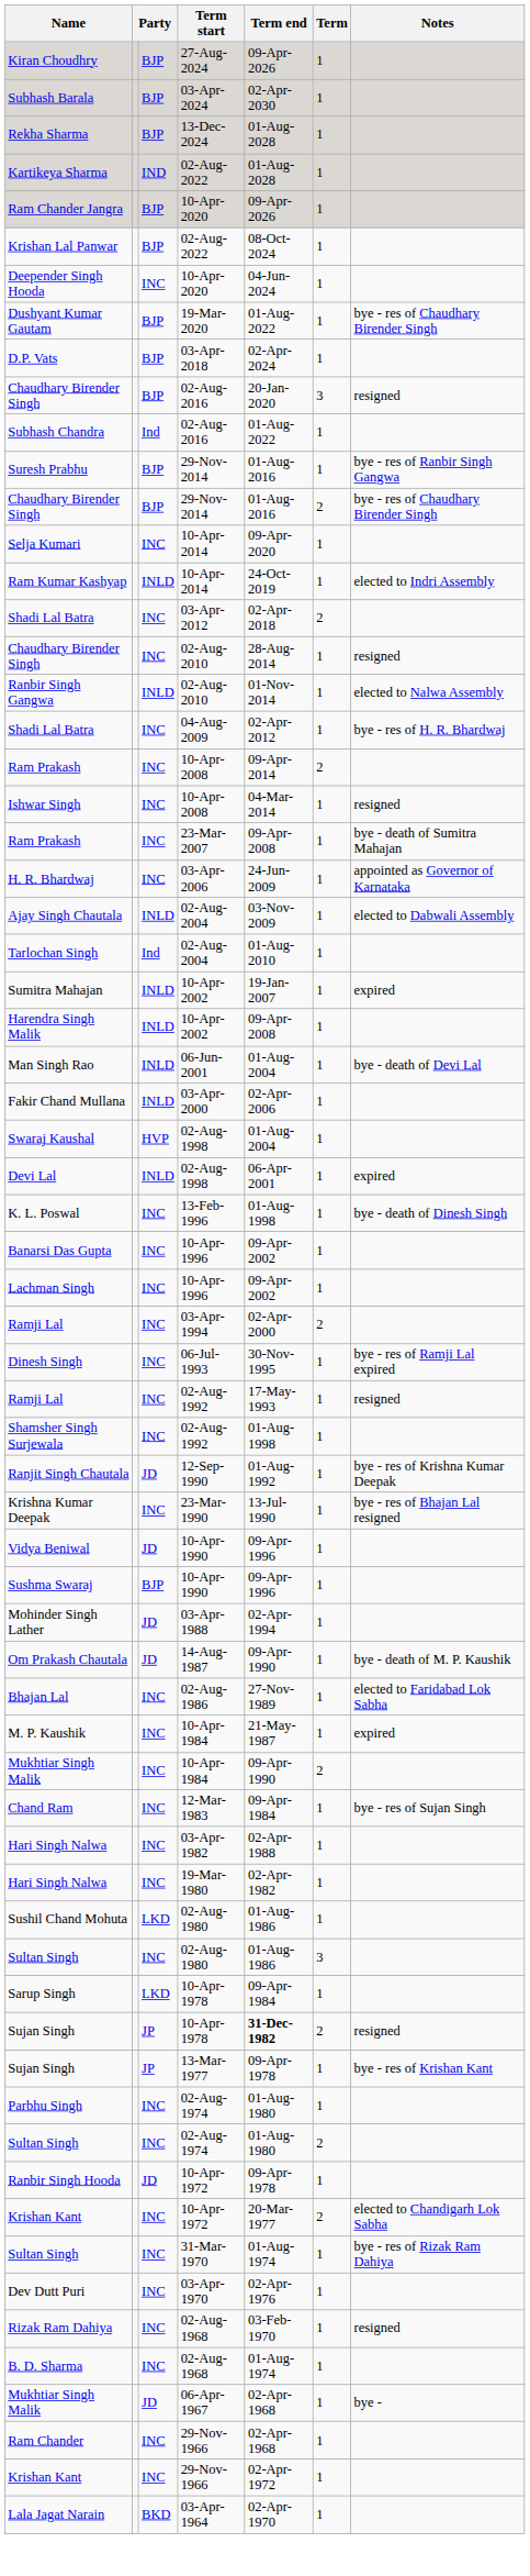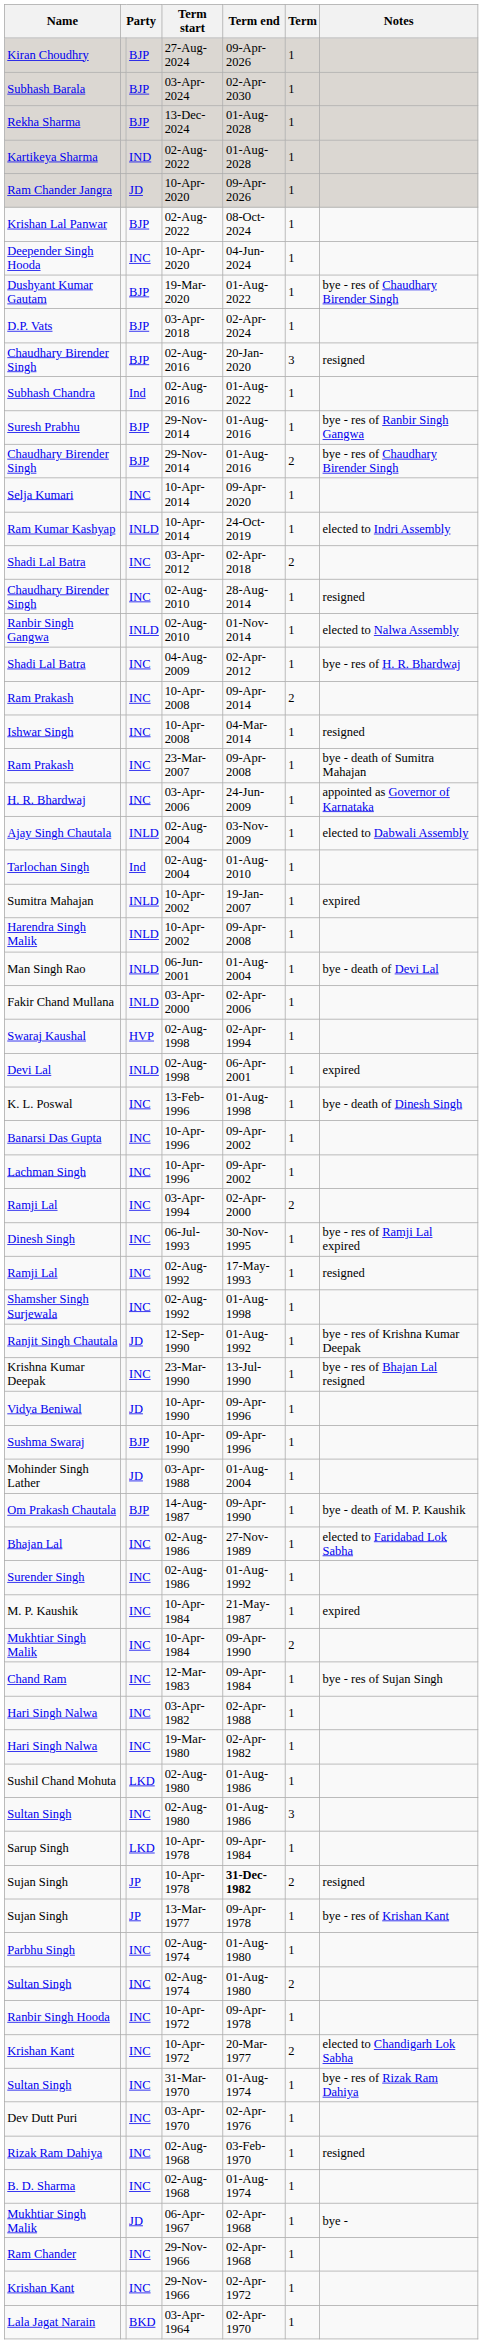 <table class="wikitable sortable">
 <tr>
 <th>Name</th>
 <th colspan="2">Party</th>
 <th>Term start</th>
 <th>Term end</th>
 <th>Term</th>
 <th>Notes</th>
 </tr>
 <tr style="background:#DBD7D2;">
 <td><a href='#'>Kiran Choudhry</a></td>
 <td style="background-color: "></td>
 <td><a href='#'>BJP</a></td>
 <td>27-Aug-2024</td>
 <td>09-Apr-2026</td>
 <td>1</td>
 <td></td>
 </tr>
 <tr style="background:#DBD7D2;">
 <td><a href='#'>Subhash Barala</a></td>
 <td style="background-color: "></td>
 <td><a href='#'>BJP</a></td>
 <td>03-Apr-2024</td>
 <td>02-Apr-2030</td>
 <td>1</td>
 <td></td>
 </tr>
 <tr style="background:#DBD7D2;">
 <td><a href='#'>Rekha Sharma</a></td>
 <td style="background-color: "></td>
 <td><a href='#'>BJP</a></td>
 <td>13-Dec-2024</td>
 <td>01-Aug-2028</td>
 <td>1</td>
 <td></td>
 </tr>
 <tr style="background:#DBD7D2;">
 <td><a href='#'>Kartikeya Sharma</a></td>
 <td style="background-color: "></td>
 <td><a href='#'>IND</a></td>
 <td>02-Aug-2022</td>
 <td>01-Aug-2028</td>
 <td>1</td>
 <td></td>
 </tr>
 <tr style="background:#DBD7D2;">
 <td><a href='#'>Ram Chander Jangra</a></td>
 <td style="background-color: "></td>
-<td><a href='#'>BJP</a></td>
+<td><a href='#'>JD</a></td>
 <td>10-Apr-2020</td>
 <td>09-Apr-2026</td>
 <td>1</td>
 <td></td>
 </tr>
 <tr>
 <td><a href='#'>Krishan Lal Panwar</a></td>
 <td style="background-color: "></td>
 <td><a href='#'>BJP</a></td>
 <td>02-Aug-2022</td>
 <td>08-Oct-2024</td>
 <td>1</td>
 <td></td>
 </tr>
 <tr>
 <td><a href='#'>Deepender Singh Hooda</a></td>
 <td style="background-color: "></td>
 <td><a href='#'>INC</a></td>
 <td>10-Apr-2020</td>
 <td>04-Jun-2024</td>
 <td>1</td>
 <td></td>
 </tr>
 <tr>
 <td><a href='#'>Dushyant Kumar Gautam</a></td>
 <td style="background-color: "></td>
 <td><a href='#'>BJP</a></td>
 <td>19-Mar-2020</td>
 <td>01-Aug-2022</td>
 <td>1</td>
 <td>bye - res of <a href='#'>Chaudhary Birender Singh</a></td>
 </tr>
 <tr>
 <td><a href='#'>D.P. Vats</a></td>
 <td style="background-color: "></td>
 <td><a href='#'>BJP</a></td>
 <td>03-Apr-2018</td>
 <td>02-Apr-2024</td>
 <td>1</td>
 <td></td>
 </tr>
 <tr>
 <td><a href='#'>Chaudhary Birender Singh</a></td>
 <td style="background-color: "></td>
 <td><a href='#'>BJP</a></td>
 <td>02-Aug-2016</td>
 <td>20-Jan-2020</td>
 <td>3</td>
 <td>resigned</td>
 </tr>
 <tr>
 <td><a href='#'>Subhash Chandra</a></td>
 <td style="background-color: "></td>
 <td><a href='#'>Ind</a></td>
 <td>02-Aug-2016</td>
 <td>01-Aug-2022</td>
 <td>1</td>
 <td></td>
 </tr>
 <tr>
 <td><a href='#'>Suresh Prabhu</a></td>
 <td style="background-color: "></td>
 <td><a href='#'>BJP</a></td>
 <td>29-Nov-2014</td>
 <td>01-Aug-2016</td>
 <td>1</td>
 <td>bye - res of <a href='#'>Ranbir Singh Gangwa</a></td>
 </tr>
 <tr>
 <td><a href='#'>Chaudhary Birender Singh</a></td>
 <td style="background-color: "></td>
 <td><a href='#'>BJP</a></td>
 <td>29-Nov-2014</td>
 <td>01-Aug-2016</td>
 <td>2</td>
 <td>bye - res of <a href='#'>Chaudhary Birender Singh</a></td>
 </tr>
 <tr>
 <td><a href='#'>Selja Kumari</a></td>
 <td style="background-color: "></td>
 <td><a href='#'>INC</a></td>
 <td>10-Apr-2014</td>
 <td>09-Apr-2020</td>
 <td>1</td>
 <td></td>
 </tr>
 <tr>
 <td><a href='#'>Ram Kumar Kashyap</a></td>
 <td style="background-color: "></td>
 <td><a href='#'>INLD</a></td>
 <td>10-Apr-2014</td>
 <td>24-Oct-2019</td>
 <td>1</td>
 <td>elected to <a href='#'>Indri Assembly</a></td>
 </tr>
 <tr>
 <td><a href='#'>Shadi Lal Batra</a></td>
 <td style="background-color: "></td>
 <td><a href='#'>INC</a></td>
 <td>03-Apr-2012</td>
 <td>02-Apr-2018</td>
 <td>2</td>
 <td></td>
 </tr>
 <tr>
 <td><a href='#'>Chaudhary Birender Singh</a></td>
 <td style="background-color: "></td>
 <td><a href='#'>INC</a></td>
 <td>02-Aug-2010</td>
 <td>28-Aug-2014</td>
 <td>1</td>
 <td>resigned</td>
 </tr>
 <tr>
 <td><a href='#'>Ranbir Singh Gangwa</a></td>
 <td style="background-color: "></td>
 <td><a href='#'>INLD</a></td>
 <td>02-Aug-2010</td>
 <td>01-Nov-2014</td>
 <td>1</td>
 <td>elected to <a href='#'>Nalwa Assembly</a></td>
 </tr>
 <tr>
 <td><a href='#'>Shadi Lal Batra</a></td>
 <td style="background-color: "></td>
 <td><a href='#'>INC</a></td>
 <td>04-Aug-2009</td>
 <td>02-Apr-2012</td>
 <td>1</td>
 <td>bye - res of <a href='#'>H. R. Bhardwaj</a></td>
 </tr>
 <tr>
 <td><a href='#'>Ram Prakash</a></td>
 <td style="background-color: "></td>
 <td><a href='#'>INC</a></td>
 <td>10-Apr-2008</td>
 <td>09-Apr-2014</td>
 <td>2</td>
 <td></td>
 </tr>
 <tr>
 <td><a href='#'>Ishwar Singh</a></td>
 <td style="background-color: "></td>
 <td><a href='#'>INC</a></td>
 <td>10-Apr-2008</td>
 <td>04-Mar-2014</td>
 <td>1</td>
 <td>resigned</td>
 </tr>
 <tr>
 <td><a href='#'>Ram Prakash</a></td>
 <td style="background-color: "></td>
 <td><a href='#'>INC</a></td>
 <td>23-Mar-2007</td>
 <td>09-Apr-2008</td>
 <td>1</td>
 <td>bye - death of Sumitra Mahajan</td>
 </tr>
 <tr>
 <td><a href='#'>H. R. Bhardwaj</a></td>
 <td style="background-color: "></td>
 <td><a href='#'>INC</a></td>
 <td>03-Apr-2006</td>
 <td>24-Jun-2009</td>
 <td>1</td>
 <td>appointed as <a href='#'>Governor of Karnataka</a></td>
 </tr>
 <tr>
 <td><a href='#'>Ajay Singh Chautala</a></td>
 <td style="background-color: "></td>
 <td><a href='#'>INLD</a></td>
 <td>02-Aug-2004</td>
 <td>03-Nov-2009</td>
 <td>1</td>
 <td>elected to <a href='#'>Dabwali Assembly</a></td>
 </tr>
 <tr>
 <td><a href='#'>Tarlochan Singh</a></td>
 <td style="background-color: "></td>
 <td><a href='#'>Ind</a></td>
 <td>02-Aug-2004</td>
 <td>01-Aug-2010</td>
 <td>1</td>
 <td></td>
 </tr>
 <tr>
 <td>Sumitra Mahajan</td>
 <td style="background-color: "></td>
 <td><a href='#'>INLD</a></td>
 <td>10-Apr-2002</td>
 <td>19-Jan-2007</td>
 <td>1</td>
 <td>expired</td>
 </tr>
 <tr>
 <td><a href='#'>Harendra Singh Malik</a></td>
 <td style="background-color: "></td>
 <td><a href='#'>INLD</a></td>
 <td>10-Apr-2002</td>
 <td>09-Apr-2008</td>
 <td>1</td>
 <td></td>
 </tr>
 <tr>
 <td>Man Singh Rao</td>
 <td style="background-color: "></td>
 <td><a href='#'>INLD</a></td>
 <td>06-Jun-2001</td>
 <td>01-Aug-2004</td>
 <td>1</td>
 <td>bye - death of <a href='#'>Devi Lal</a></td>
 </tr>
 <tr>
 <td>Fakir Chand Mullana</td>
 <td style="background-color: "></td>
 <td><a href='#'>INLD</a></td>
 <td>03-Apr-2000</td>
 <td>02-Apr-2006</td>
 <td>1</td>
 <td></td>
 </tr>
 <tr>
 <td><a href='#'>Swaraj Kaushal</a></td>
 <td style="background-color: "></td>
 <td><a href='#'>HVP</a></td>
 <td>02-Aug-1998</td>
-<td>01-Aug-2004</td>
+<td>02-Apr-1994</td>
 <td>1</td>
 <td></td>
 </tr>
 <tr>
 <td><a href='#'>Devi Lal</a></td>
 <td style="background-color: "></td>
 <td><a href='#'>INLD</a></td>
 <td>02-Aug-1998</td>
 <td>06-Apr-2001</td>
 <td>1</td>
 <td>expired</td>
 </tr>
 <tr>
 <td>K. L. Poswal</td>
 <td style="background-color: "></td>
 <td><a href='#'>INC</a></td>
 <td>13-Feb-1996</td>
 <td>01-Aug-1998</td>
 <td>1</td>
 <td>bye - death of <a href='#'>Dinesh Singh</a></td>
 </tr>
 <tr>
 <td><a href='#'>Banarsi Das Gupta</a></td>
 <td style="background-color: "></td>
 <td><a href='#'>INC</a></td>
 <td>10-Apr-1996</td>
 <td>09-Apr-2002</td>
 <td>1</td>
 <td></td>
 </tr>
 <tr>
 <td><a href='#'>Lachman Singh</a></td>
 <td style="background-color: "></td>
 <td><a href='#'>INC</a></td>
 <td>10-Apr-1996</td>
 <td>09-Apr-2002</td>
 <td>1</td>
 <td></td>
 </tr>
 <tr>
 <td><a href='#'>Ramji Lal</a></td>
 <td style="background-color: "></td>
 <td><a href='#'>INC</a></td>
 <td>03-Apr-1994</td>
 <td>02-Apr-2000</td>
 <td>2</td>
 <td></td>
 </tr>
 <tr>
 <td><a href='#'>Dinesh Singh</a></td>
 <td style="background-color: "></td>
 <td><a href='#'>INC</a></td>
 <td>06-Jul-1993</td>
 <td>30-Nov-1995</td>
 <td>1</td>
 <td>bye - res of <a href='#'>Ramji Lal</a><br>expired</td>
 </tr>
 <tr>
 <td><a href='#'>Ramji Lal</a></td>
 <td style="background-color: "></td>
 <td><a href='#'>INC</a></td>
 <td>02-Aug-1992</td>
 <td>17-May-1993</td>
 <td>1</td>
 <td>resigned</td>
 </tr>
 <tr>
 <td><a href='#'>Shamsher Singh Surjewala</a></td>
 <td style="background-color: "></td>
 <td><a href='#'>INC</a></td>
 <td>02-Aug-1992</td>
 <td>01-Aug-1998</td>
 <td>1</td>
 <td></td>
 </tr>
 <tr>
 <td><a href='#'>Ranjit Singh Chautala</a></td>
 <td style="background-color: "></td>
 <td><a href='#'>JD</a></td>
 <td>12-Sep-1990</td>
 <td>01-Aug-1992</td>
 <td>1</td>
 <td>bye - res of Krishna Kumar Deepak</td>
 </tr>
 <tr>
 <td>Krishna Kumar Deepak</td>
 <td style="background-color: "></td>
 <td><a href='#'>INC</a></td>
 <td>23-Mar-1990</td>
 <td>13-Jul-1990</td>
 <td>1</td>
 <td>bye - res of <a href='#'>Bhajan Lal</a><br>resigned</td>
 </tr>
 <tr>
 <td><a href='#'>Vidya Beniwal</a></td>
 <td style="background-color: "></td>
 <td><a href='#'>JD</a></td>
 <td>10-Apr-1990</td>
 <td>09-Apr-1996</td>
 <td>1</td>
 <td></td>
 </tr>
 <tr>
 <td><a href='#'>Sushma Swaraj</a></td>
 <td style="background-color: "></td>
 <td><a href='#'>BJP</a></td>
 <td>10-Apr-1990</td>
 <td>09-Apr-1996</td>
 <td>1</td>
 <td></td>
 </tr>
 <tr>
 <td>Mohinder Singh Lather</td>
 <td style="background-color: "></td>
 <td><a href='#'>JD</a></td>
 <td>03-Apr-1988</td>
-<td>02-Apr-1994</td>
+<td>01-Aug-2004</td>
 <td>1</td>
 <td></td>
 </tr>
 <tr>
 <td><a href='#'>Om Prakash Chautala</a></td>
 <td style="background-color: "></td>
-<td><a href='#'>JD</a></td>
+<td><a href='#'>BJP</a></td>
 <td>14-Aug-1987</td>
 <td>09-Apr-1990</td>
 <td>1</td>
 <td>bye - death of M. P. Kaushik</td>
 </tr>
 <tr>
 <td><a href='#'>Bhajan Lal</a></td>
 <td style="background-color: "></td>
 <td><a href='#'>INC</a></td>
 <td>02-Aug-1986</td>
 <td>27-Nov-1989</td>
 <td>1</td>
 <td>elected to <a href='#'>Faridabad Lok Sabha</a></td>
+</tr>
+<tr>
+<td><a href='#'>Surender Singh</a></td>
+<td style="background-color: "></td>
+<td><a href='#'>INC</a></td>
+<td>02-Aug-1986</td>
+<td>01-Aug-1992</td>
+<td>1</td>
+<td></td>
 </tr>
 <tr>
 <td>M. P. Kaushik</td>
 <td style="background-color: "></td>
 <td><a href='#'>INC</a></td>
 <td>10-Apr-1984</td>
 <td>21-May-1987</td>
 <td>1</td>
 <td>expired</td>
 </tr>
 <tr>
 <td><a href='#'>Mukhtiar Singh Malik</a></td>
 <td style="background-color: "></td>
 <td><a href='#'>INC</a></td>
 <td>10-Apr-1984</td>
 <td>09-Apr-1990</td>
 <td>2</td>
 <td></td>
 </tr>
 <tr>
 <td><a href='#'>Chand Ram</a></td>
 <td style="background-color: "></td>
 <td><a href='#'>INC</a></td>
 <td>12-Mar-1983</td>
 <td>09-Apr-1984</td>
 <td>1</td>
 <td>bye - res of Sujan Singh</td>
 </tr>
 <tr>
 <td><a href='#'>Hari Singh Nalwa</a></td>
 <td style="background-color: "></td>
 <td><a href='#'>INC</a></td>
 <td>03-Apr-1982</td>
 <td>02-Apr-1988</td>
 <td>1</td>
 <td></td>
 </tr>
 <tr>
 <td><a href='#'>Hari Singh Nalwa</a></td>
 <td style="background-color: "></td>
 <td><a href='#'>INC</a></td>
 <td>19-Mar-1980</td>
 <td>02-Apr-1982</td>
 <td>1</td>
 <td></td>
 </tr>
 <tr>
 <td>Sushil Chand Mohuta</td>
 <td style="background-color: "></td>
 <td><a href='#'>LKD</a></td>
 <td>02-Aug-1980</td>
 <td>01-Aug-1986</td>
 <td>1</td>
 <td></td>
 </tr>
 <tr>
 <td><a href='#'>Sultan Singh</a></td>
 <td style="background-color: "></td>
 <td><a href='#'>INC</a></td>
 <td>02-Aug-1980</td>
 <td>01-Aug-1986</td>
 <td>3</td>
 <td></td>
 </tr>
 <tr>
 <td>Sarup Singh</td>
 <td style="background-color: "></td>
 <td><a href='#'>LKD</a></td>
 <td>10-Apr-1978</td>
 <td>09-Apr-1984</td>
 <td>1</td>
 <td></td>
 </tr>
 <tr>
 <td>Sujan Singh</td>
 <td style="background-color: "></td>
 <td><a href='#'>JP</a></td>
 <td>10-Apr-1978</td>
 <td><strong>31-Dec-1982</strong></td>
 <td>2</td>
 <td>resigned</td>
 </tr>
 <tr>
 <td>Sujan Singh</td>
 <td style="background-color: "></td>
 <td><a href='#'>JP</a></td>
 <td>13-Mar-1977</td>
 <td>09-Apr-1978</td>
 <td>1</td>
 <td>bye - res of <a href='#'>Krishan Kant</a></td>
 </tr>
 <tr>
 <td><a href='#'>Parbhu Singh</a></td>
 <td style="background-color: "></td>
 <td><a href='#'>INC</a></td>
 <td>02-Aug-1974</td>
 <td>01-Aug-1980</td>
 <td>1</td>
 <td></td>
 </tr>
 <tr>
 <td><a href='#'>Sultan Singh</a></td>
 <td style="background-color: "></td>
 <td><a href='#'>INC</a></td>
 <td>02-Aug-1974</td>
 <td>01-Aug-1980</td>
 <td>2</td>
 <td></td>
 </tr>
 <tr>
 <td><a href='#'>Ranbir Singh Hooda</a></td>
 <td style="background-color: "></td>
-<td><a href='#'>JD</a></td>
+<td><a href='#'>INC</a></td>
 <td>10-Apr-1972</td>
 <td>09-Apr-1978</td>
 <td>1</td>
 <td></td>
 </tr>
 <tr>
 <td><a href='#'>Krishan Kant</a></td>
 <td style="background-color: "></td>
 <td><a href='#'>INC</a></td>
 <td>10-Apr-1972</td>
 <td>20-Mar-1977</td>
 <td>2</td>
 <td>elected to <a href='#'>Chandigarh Lok Sabha</a></td>
 </tr>
 <tr>
 <td><a href='#'>Sultan Singh</a></td>
 <td style="background-color: "></td>
 <td><a href='#'>INC</a></td>
 <td>31-Mar-1970</td>
 <td>01-Aug-1974</td>
 <td>1</td>
 <td>bye - res of <a href='#'>Rizak Ram Dahiya</a></td>
 </tr>
 <tr>
 <td>Dev Dutt Puri</td>
 <td style="background-color: "></td>
 <td><a href='#'>INC</a></td>
 <td>03-Apr-1970</td>
 <td>02-Apr-1976</td>
 <td>1</td>
 <td></td>
 </tr>
 <tr>
 <td><a href='#'>Rizak Ram Dahiya</a></td>
 <td style="background-color: "></td>
 <td><a href='#'>INC</a></td>
 <td>02-Aug-1968</td>
 <td>03-Feb-1970</td>
 <td>1</td>
 <td>resigned</td>
 </tr>
 <tr>
 <td><a href='#'>B. D. Sharma</a></td>
 <td style="background-color: "></td>
 <td><a href='#'>INC</a></td>
 <td>02-Aug-1968</td>
 <td>01-Aug-1974</td>
 <td>1</td>
 <td></td>
 </tr>
 <tr>
 <td><a href='#'>Mukhtiar Singh Malik</a></td>
 <td style="background-color: "></td>
 <td><a href='#'>JD</a></td>
 <td>06-Apr-1967</td>
 <td>02-Apr-1968</td>
 <td>1</td>
 <td>bye -</td>
 </tr>
 <tr>
 <td><a href='#'>Ram Chander</a></td>
 <td style="background-color: "></td>
 <td><a href='#'>INC</a></td>
 <td>29-Nov-1966</td>
 <td>02-Apr-1968</td>
 <td>1</td>
 <td></td>
 </tr>
 <tr>
 <td><a href='#'>Krishan Kant</a></td>
 <td style="background-color: "></td>
 <td><a href='#'>INC</a></td>
 <td>29-Nov-1966</td>
 <td>02-Apr-1972</td>
 <td>1</td>
 <td></td>
 </tr>
 <tr>
 <td><a href='#'>Lala Jagat Narain</a></td>
 <td style="background-color: "></td>
 <td><a href='#'>BKD</a></td>
 <td>03-Apr-1964</td>
 <td>02-Apr-1970</td>
 <td>1</td>
 <td></td>
 </tr>
 </table>
